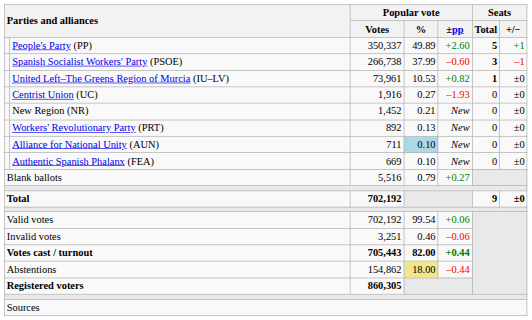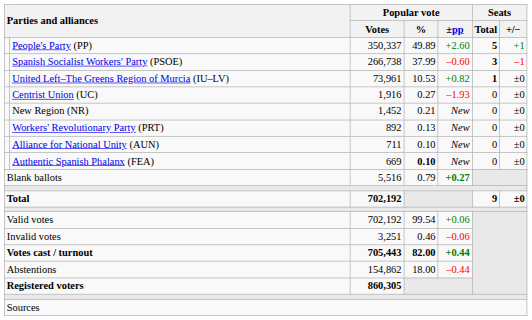 <table class="wikitable" style="text-align:right;">
 <tr>
 <th style="text-align:left;" rowspan="2" colspan="2" width="525">Parties and alliances</th>
 <th colspan="3">Popular vote</th>
 <th colspan="2">Seats</th>
 </tr>
 <tr>
 <th width="75">Votes</th>
 <th width="45">%</th>
 <th width="45">±<a href='#'>pp</a></th>
 <th width="35">Total</th>
 <th width="35">+/−</th>
 </tr>
 <tr>
 <td width="1" style="color:inherit;background:"></td>
 <td align="left"><a href='#'>People's Party</a> (PP)</td>
 <td>350,337</td>
 <td>49.89</td>
 <td style="color:green;">+2.60</td>
 <td><strong>5</strong></td>
 <td style="color:green;">+1</td>
 </tr>
 <tr>
 <td style="color:inherit;background:"></td>
 <td align="left"><a href='#'>Spanish Socialist Workers' Party</a> (PSOE)</td>
 <td>266,738</td>
 <td>37.99</td>
 <td style="color:red;">–0.60</td>
 <td><strong>3</strong></td>
 <td style="color:red;">–1</td>
 </tr>
 <tr>
 <td style="color:inherit;background:"></td>
 <td align="left"><a href='#'>United Left–The Greens Region of Murcia</a> (IU–LV)</td>
 <td>73,961</td>
 <td>10.53</td>
 <td style="color:green;">+0.82</td>
 <td><strong>1</strong></td>
 <td>±0</td>
 </tr>
 <tr>
 <td style="color:inherit;background:"></td>
 <td align="left"><a href='#'>Centrist Union</a> (UC)</td>
 <td>1,916</td>
 <td>0.27</td>
 <td style="color:red;">–1.93</td>
 <td>0</td>
 <td>±0</td>
 </tr>
 <tr>
 <td style="color:inherit;background:"></td>
 <td align="left">New Region (NR)</td>
 <td>1,452</td>
 <td>0.21</td>
 <td><em>New</em></td>
 <td>0</td>
 <td>±0</td>
 </tr>
 <tr>
 <td style="color:inherit;background:"></td>
 <td align="left"><a href='#'>Workers' Revolutionary Party</a> (PRT)</td>
 <td>892</td>
 <td>0.13</td>
 <td><em>New</em></td>
 <td>0</td>
 <td>±0</td>
 </tr>
 <tr>
 <td style="color:inherit;background:"></td>
 <td align="left"><a href='#'>Alliance for National Unity</a> (AUN)</td>
 <td>711</td>
-<td style="background: lightblue;">0.10</td>
+<td>0.10</td>
 <td><em>New</em></td>
 <td>0</td>
 <td>±0</td>
 </tr>
 <tr>
 <td style="color:inherit;background:"></td>
 <td align="left"><a href='#'>Authentic Spanish Phalanx</a> (FEA)</td>
 <td>669</td>
-<td>0.10</td>
+<td><strong>0.10</strong></td>
 <td><em>New</em></td>
 <td>0</td>
 <td>±0</td>
 </tr>
 <tr>
 <td align="left" colspan="2">Blank ballots</td>
 <td>5,516</td>
 <td>0.79</td>
-<td style="color:green;">+0.27</td>
+<td style="color:green;"><strong>+0.27</strong></td>
 <td bgcolor="#E9E9E9" colspan="2"></td>
 </tr>
 <tr>
 <td colspan="7" bgcolor="#E9E9E9"></td>
 </tr>
 <tr style="font-weight:bold;">
 <td align="left" colspan="2">Total</td>
 <td>702,192</td>
 <td bgcolor="#E9E9E9" colspan="2"></td>
 <td>9</td>
 <td>±0</td>
 </tr>
 <tr>
 <td colspan="7" bgcolor="#E9E9E9"></td>
 </tr>
 <tr>
 <td align="left" colspan="2">Valid votes</td>
 <td>702,192</td>
 <td>99.54</td>
 <td style="color:green;">+0.06</td>
 <td bgcolor="#E9E9E9" colspan="2" rowspan="5"></td>
 </tr>
 <tr>
 <td align="left" colspan="2">Invalid votes</td>
 <td>3,251</td>
 <td>0.46</td>
 <td style="color:red;">–0.06</td>
 </tr>
 <tr style="font-weight:bold;">
 <td align="left" colspan="2">Votes cast / turnout</td>
 <td>705,443</td>
 <td>82.00</td>
 <td style="color:green;">+0.44</td>
 </tr>
 <tr>
 <td align="left" colspan="2">Abstentions</td>
 <td>154,862</td>
-<td style="background: khaki;">18.00</td>
+<td>18.00</td>
 <td style="color:red;">–0.44</td>
 </tr>
 <tr style="font-weight:bold;">
 <td align="left" colspan="2">Registered voters</td>
 <td>860,305</td>
 <td bgcolor="#E9E9E9" colspan="2"></td>
 </tr>
 <tr>
 <td colspan="7" bgcolor="#E9E9E9"></td>
 </tr>
 <tr>
 <td align="left" colspan="7">Sources</td>
 </tr>
 </table>
